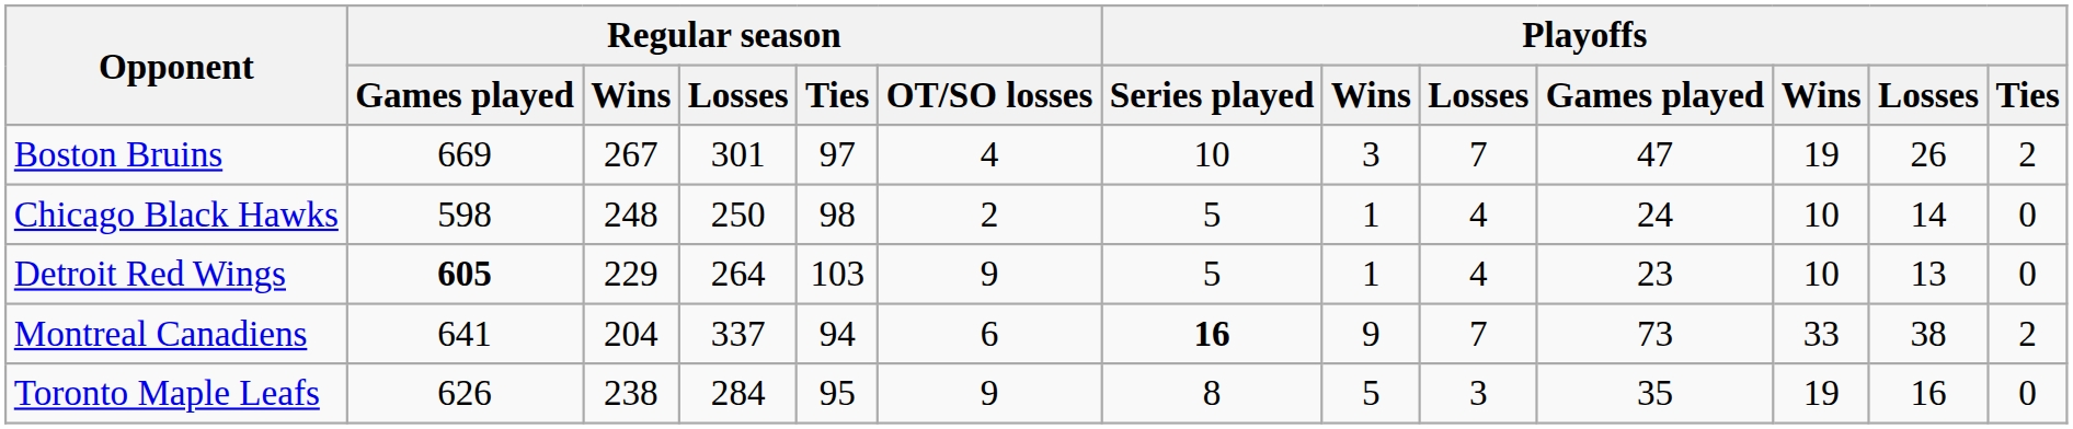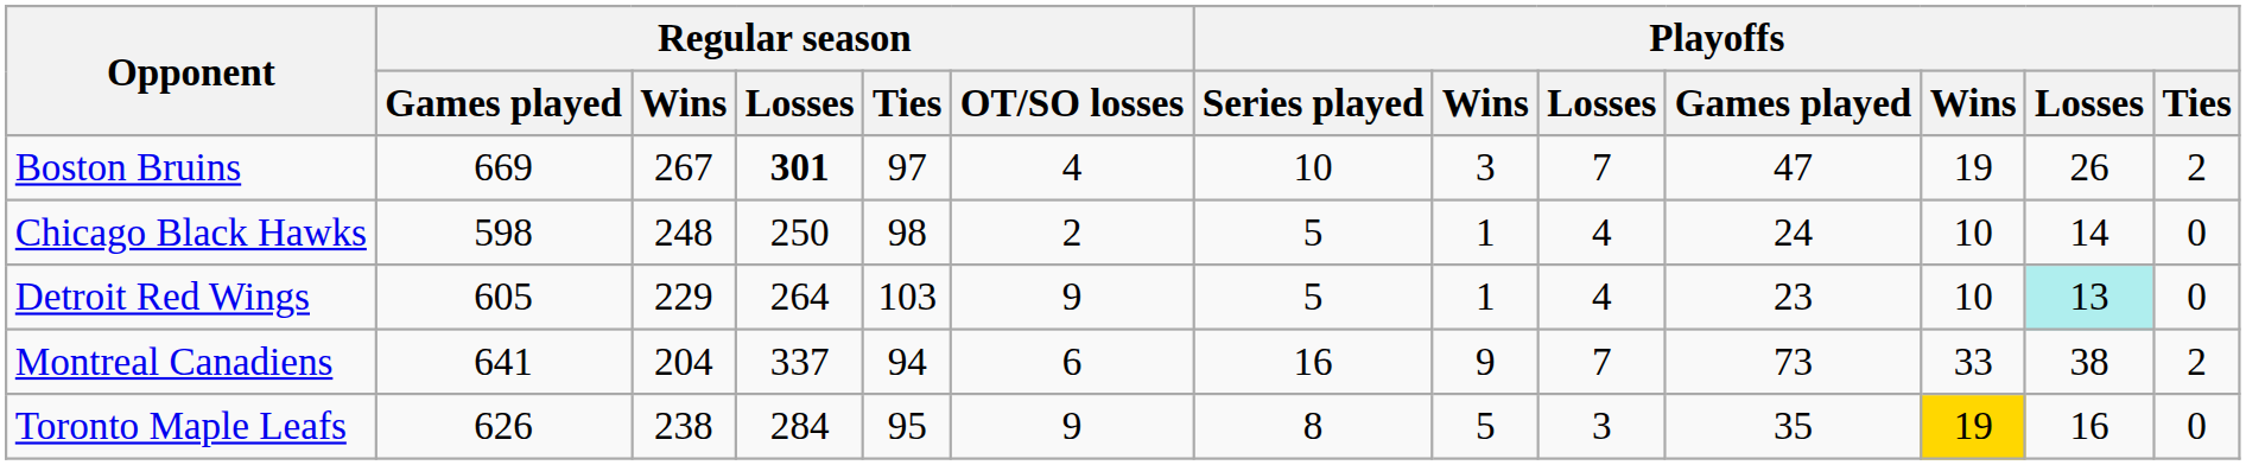 <table class="wikitable unsortable" style="text-align:center; font-size:95%;">
 <tr>
 <th rowspan="2">Opponent</th>
 <th colspan="5">Regular season</th>
 <th colspan="8">Playoffs</th>
 </tr>
 <tr>
 <th>Games played</th>
 <th>Wins</th>
 <th>Losses</th>
 <th>Ties</th>
 <th>OT/SO losses</th>
 <th>Series played</th>
 <th>Wins</th>
 <th>Losses</th>
 <th>Games played</th>
 <th>Wins</th>
 <th>Losses</th>
 <th>Ties</th>
 </tr>
 <tr>
 <td style="text-align:left;"><a href='#'>Boston Bruins</a></td>
 <td>669</td>
 <td>267</td>
-<td>301</td>
+<td><strong>301</strong></td>
 <td>97</td>
 <td>4</td>
 <td>10</td>
 <td>3</td>
 <td>7</td>
 <td>47</td>
 <td>19</td>
 <td>26</td>
 <td>2</td>
 </tr>
 <tr>
 <td style="text-align:left;"><a href='#'>Chicago Black Hawks</a></td>
 <td>598</td>
 <td>248</td>
 <td>250</td>
 <td>98</td>
 <td>2</td>
 <td>5</td>
 <td>1</td>
 <td>4</td>
 <td>24</td>
 <td>10</td>
 <td>14</td>
 <td>0</td>
 </tr>
 <tr>
 <td style="text-align:left;"><a href='#'>Detroit Red Wings</a></td>
-<td><strong>605</strong></td>
+<td>605</td>
 <td>229</td>
 <td>264</td>
 <td>103</td>
 <td>9</td>
 <td>5</td>
 <td>1</td>
 <td>4</td>
 <td>23</td>
 <td>10</td>
-<td>13</td>
+<td style="background: paleturquoise;">13</td>
 <td>0</td>
 </tr>
 <tr>
 <td style="text-align:left;"><a href='#'>Montreal Canadiens</a></td>
 <td>641</td>
 <td>204</td>
 <td>337</td>
 <td>94</td>
 <td>6</td>
-<td><strong>16</strong></td>
+<td>16</td>
 <td>9</td>
 <td>7</td>
 <td>73</td>
 <td>33</td>
 <td>38</td>
 <td>2</td>
 </tr>
 <tr>
 <td style="text-align:left;"><a href='#'>Toronto Maple Leafs</a></td>
 <td>626</td>
 <td>238</td>
 <td>284</td>
 <td>95</td>
 <td>9</td>
 <td>8</td>
 <td>5</td>
 <td>3</td>
 <td>35</td>
-<td>19</td>
+<td style="background: gold;">19</td>
 <td>16</td>
 <td>0</td>
 </tr>
 </table>
